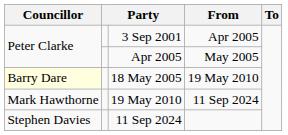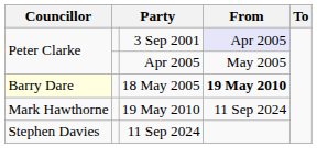 <table class=wikitable>
 <tr>
 <th>Councillor</th>
 <th colspan=2>Party</th>
 <th>From</th>
 <th>To</th>
 </tr>
 <tr>
 <td rowspan=2>Peter Clarke</td>
 <td></td>
 <td align=right>3 Sep 2001</td>
-<td align=right>Apr 2005</td>
+<td align=right style="background: lavender;">Apr 2005</td>
 </tr>
 <tr>
 <td></td>
 <td align=right>Apr 2005</td>
 <td align=right>May 2005</td>
 </tr>
 <tr>
 <td style="background: lightyellow;">Barry Dare</td>
 <td></td>
 <td align=right>18 May 2005</td>
-<td align=right>19 May 2010</td>
+<td align=right><strong>19 May 2010</strong></td>
 </tr>
 <tr>
 <td>Mark Hawthorne</td>
 <td></td>
 <td align=right>19 May 2010</td>
 <td align=right>11 Sep 2024</td>
 </tr>
 <tr>
 <td>Stephen Davies</td>
 <td></td>
 <td align=right>11 Sep 2024</td>
 <td></td>
 </tr>
 </table>
